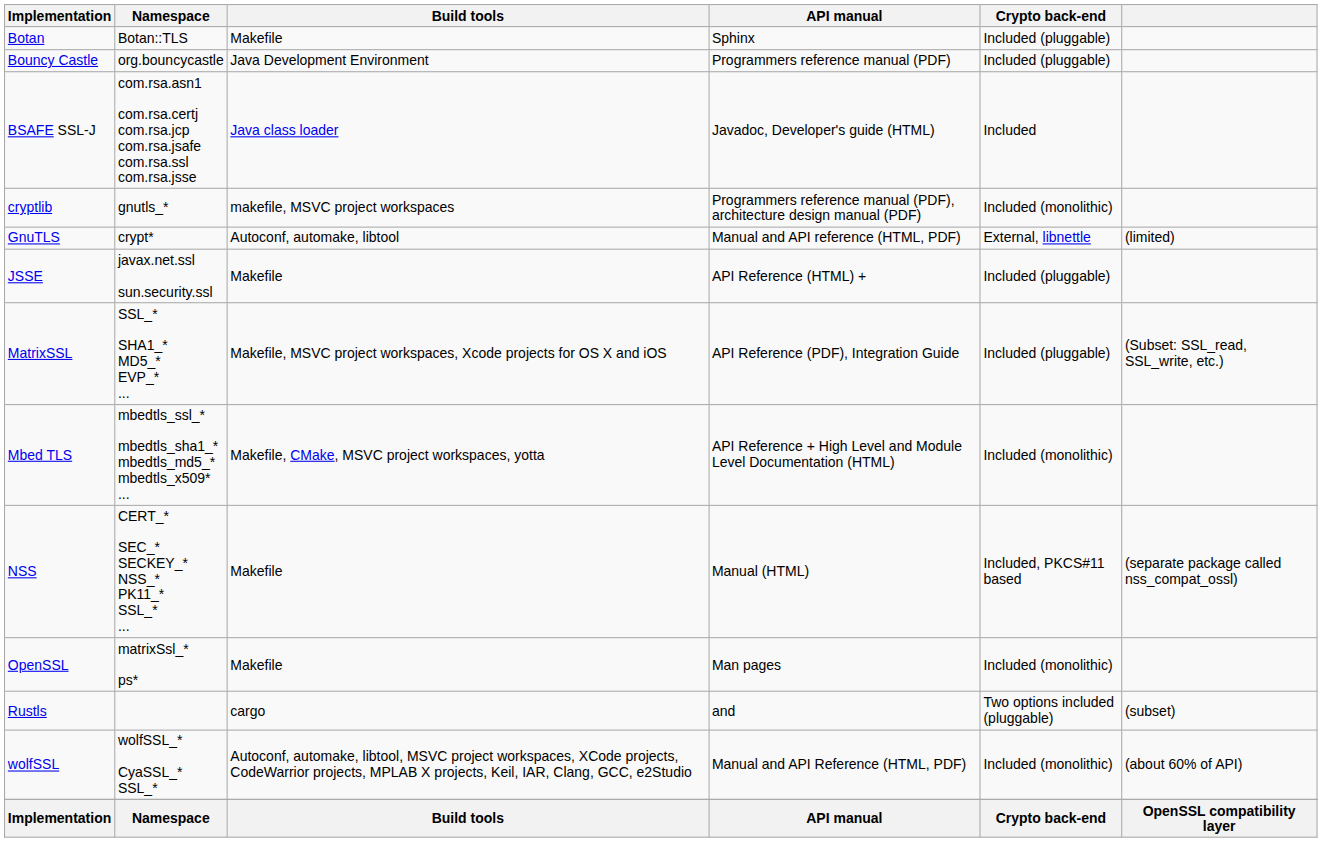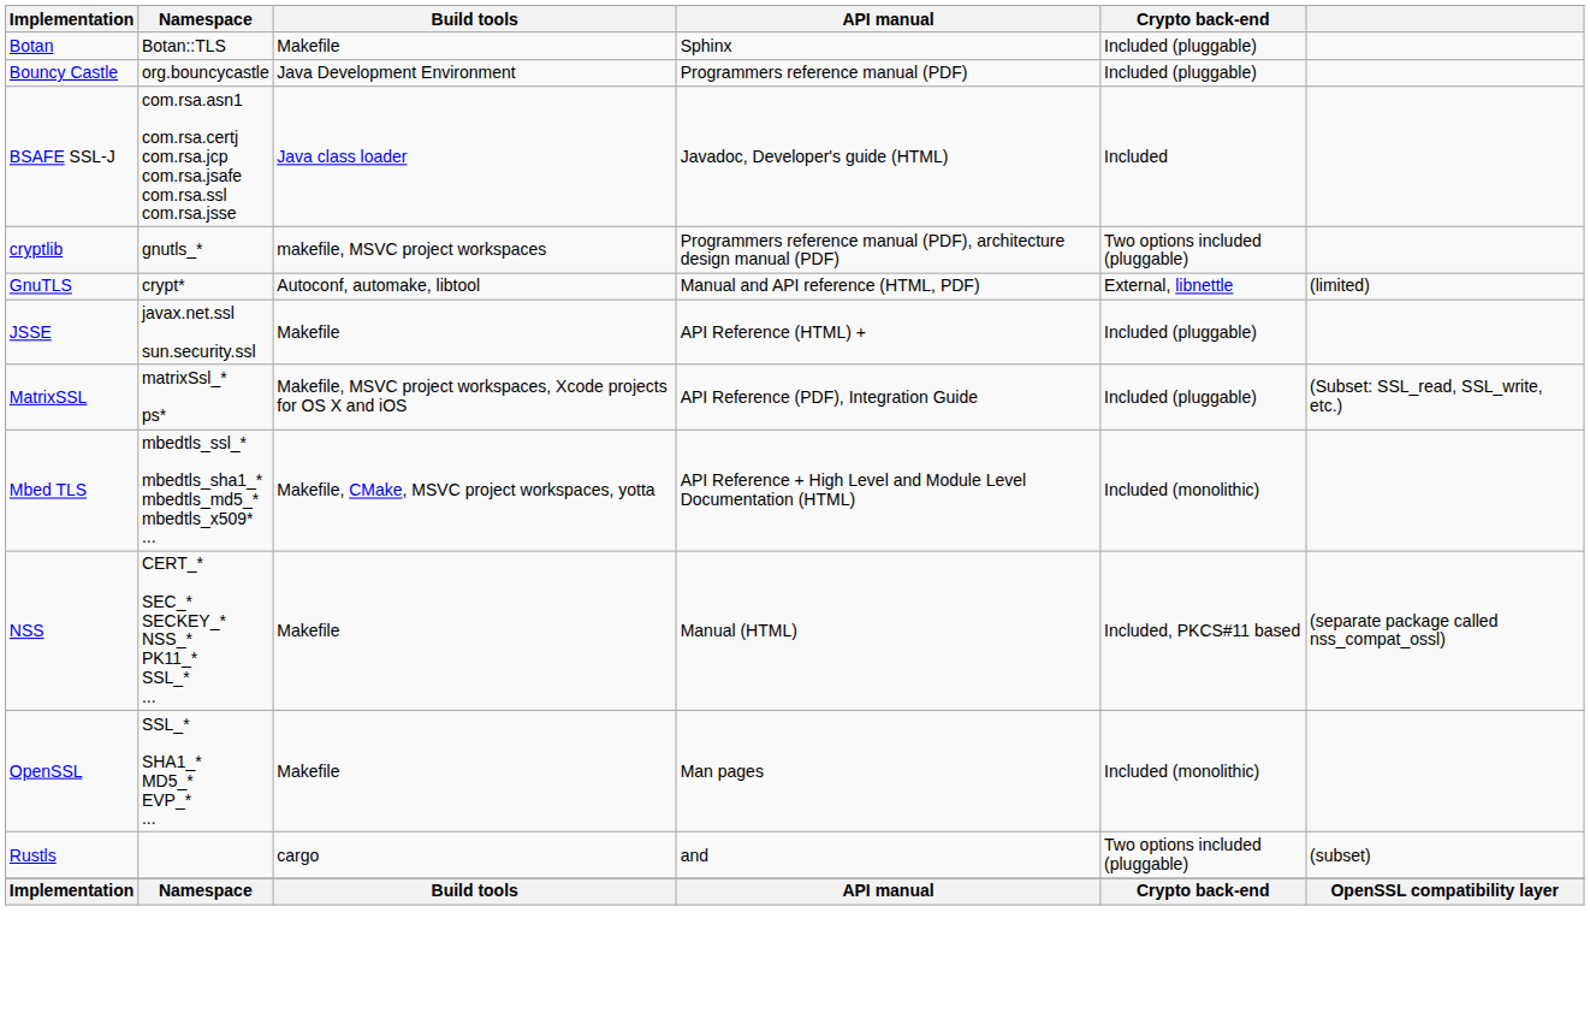 <table class="wikitable sortable sort-under" style="text-align: left; font-size: smaller">
 <tr>
 <th>Implementation</th>
 <th>Namespace</th>
 <th>Build tools</th>
 <th>API manual</th>
 <th>Crypto back-end</th>
 <th></th>
 </tr>
 <tr>
 <td><a href='#'>Botan</a></td>
 <td>Botan::TLS</td>
 <td>Makefile</td>
 <td>Sphinx</td>
 <td>Included (pluggable)</td>
 <td></td>
 </tr>
 <tr>
 <td><a href='#'>Bouncy Castle</a></td>
 <td>org.bouncycastle</td>
 <td>Java Development Environment</td>
 <td>Programmers reference manual (PDF)</td>
 <td>Included (pluggable)</td>
 <td></td>
 </tr>
 <tr>
 <td><a href='#'>BSAFE</a> SSL-J</td>
 <td>com.rsa.asn1<br><br>com.rsa.certj<br> com.rsa.jcp<br> com.rsa.jsafe<br> com.rsa.ssl<br> com.rsa.jsse</td>
 <td><a href='#'>Java class loader</a></td>
 <td>Javadoc, Developer's guide (HTML)</td>
 <td>Included</td>
 <td></td>
 </tr>
 <tr>
 <td><a href='#'>cryptlib</a></td>
 <td>gnutls_*</td>
 <td>makefile, MSVC project workspaces</td>
 <td>Programmers reference manual (PDF), architecture design manual (PDF)</td>
-<td>Included (monolithic)</td>
+<td>Two options included (pluggable)</td>
 <td></td>
 </tr>
 <tr>
 <td><a href='#'>GnuTLS</a></td>
 <td>crypt*</td>
 <td>Autoconf, automake, libtool</td>
 <td>Manual and API reference (HTML, PDF)</td>
 <td>External, <a href='#'>libnettle</a></td>
 <td> (limited)</td>
 </tr>
 <tr>
 <td><a href='#'>JSSE</a></td>
 <td>javax.net.ssl<br><br>sun.security.ssl</td>
 <td>Makefile</td>
 <td>API Reference (HTML) +<br></td>
 <td>Included (pluggable)</td>
 <td></td>
 </tr>
 <tr>
 <td><a href='#'>MatrixSSL</a></td>
-<td>SSL_*<br><br>SHA1_*<br> MD5_*<br> EVP_*<br> ...</td>
+<td>matrixSsl_*<br><br>ps*</td>
 <td>Makefile, MSVC project workspaces, Xcode projects for OS X and iOS</td>
 <td>API Reference (PDF), Integration Guide</td>
 <td>Included (pluggable)</td>
 <td> (Subset: SSL_read, SSL_write, etc.)</td>
 </tr>
 <tr>
 <td><a href='#'>Mbed TLS</a></td>
 <td>mbedtls_ssl_*<br><br>mbedtls_sha1_*<br> mbedtls_md5_*<br> mbedtls_x509*<br> ...</td>
 <td>Makefile, <a href='#'>CMake</a>, MSVC project workspaces, yotta</td>
 <td>API Reference + High Level and Module Level Documentation (HTML)</td>
 <td>Included (monolithic)</td>
 <td></td>
 </tr>
 <tr>
 <td><a href='#'>NSS</a></td>
 <td>CERT_*<br><br>SEC_*<br> SECKEY_*<br> NSS_*<br> PK11_*<br> SSL_*<br> ...</td>
 <td>Makefile</td>
 <td>Manual (HTML)</td>
 <td>Included, PKCS#11 based</td>
 <td> (separate package called nss_compat_ossl)</td>
 </tr>
 <tr>
 <td><a href='#'>OpenSSL</a></td>
-<td>matrixSsl_*<br><br>ps*</td>
+<td>SSL_*<br><br>SHA1_*<br> MD5_*<br> EVP_*<br> ...</td>
 <td>Makefile</td>
 <td>Man pages</td>
 <td>Included (monolithic)</td>
 <td></td>
 </tr>
 <tr>
 <td><a href='#'>Rustls</a></td>
 <td></td>
 <td>cargo</td>
 <td> and </td>
 <td>Two options included (pluggable)</td>
 <td> (subset)</td>
 </tr>
 <tr>
-<td><a href='#'>wolfSSL</a></td>
-<td>wolfSSL_*<br><br>CyaSSL_*<br> SSL_*</td>
-<td>Autoconf, automake, libtool, MSVC project workspaces, XCode projects, CodeWarrior projects, MPLAB X projects, Keil, IAR, Clang, GCC, e2Studio</td>
-<td>Manual and API Reference (HTML, PDF)</td>
-<td>Included (monolithic)</td>
-<td> (about 60% of API)</td>
-</tr>
-<tr>
 </tr>
 <tr class="sortbottom">
 <th>Implementation</th>
 <th>Namespace</th>
 <th>Build tools</th>
 <th>API manual</th>
 <th>Crypto back-end</th>
 <th>OpenSSL compatibility layer</th>
 </tr>
 </table>
